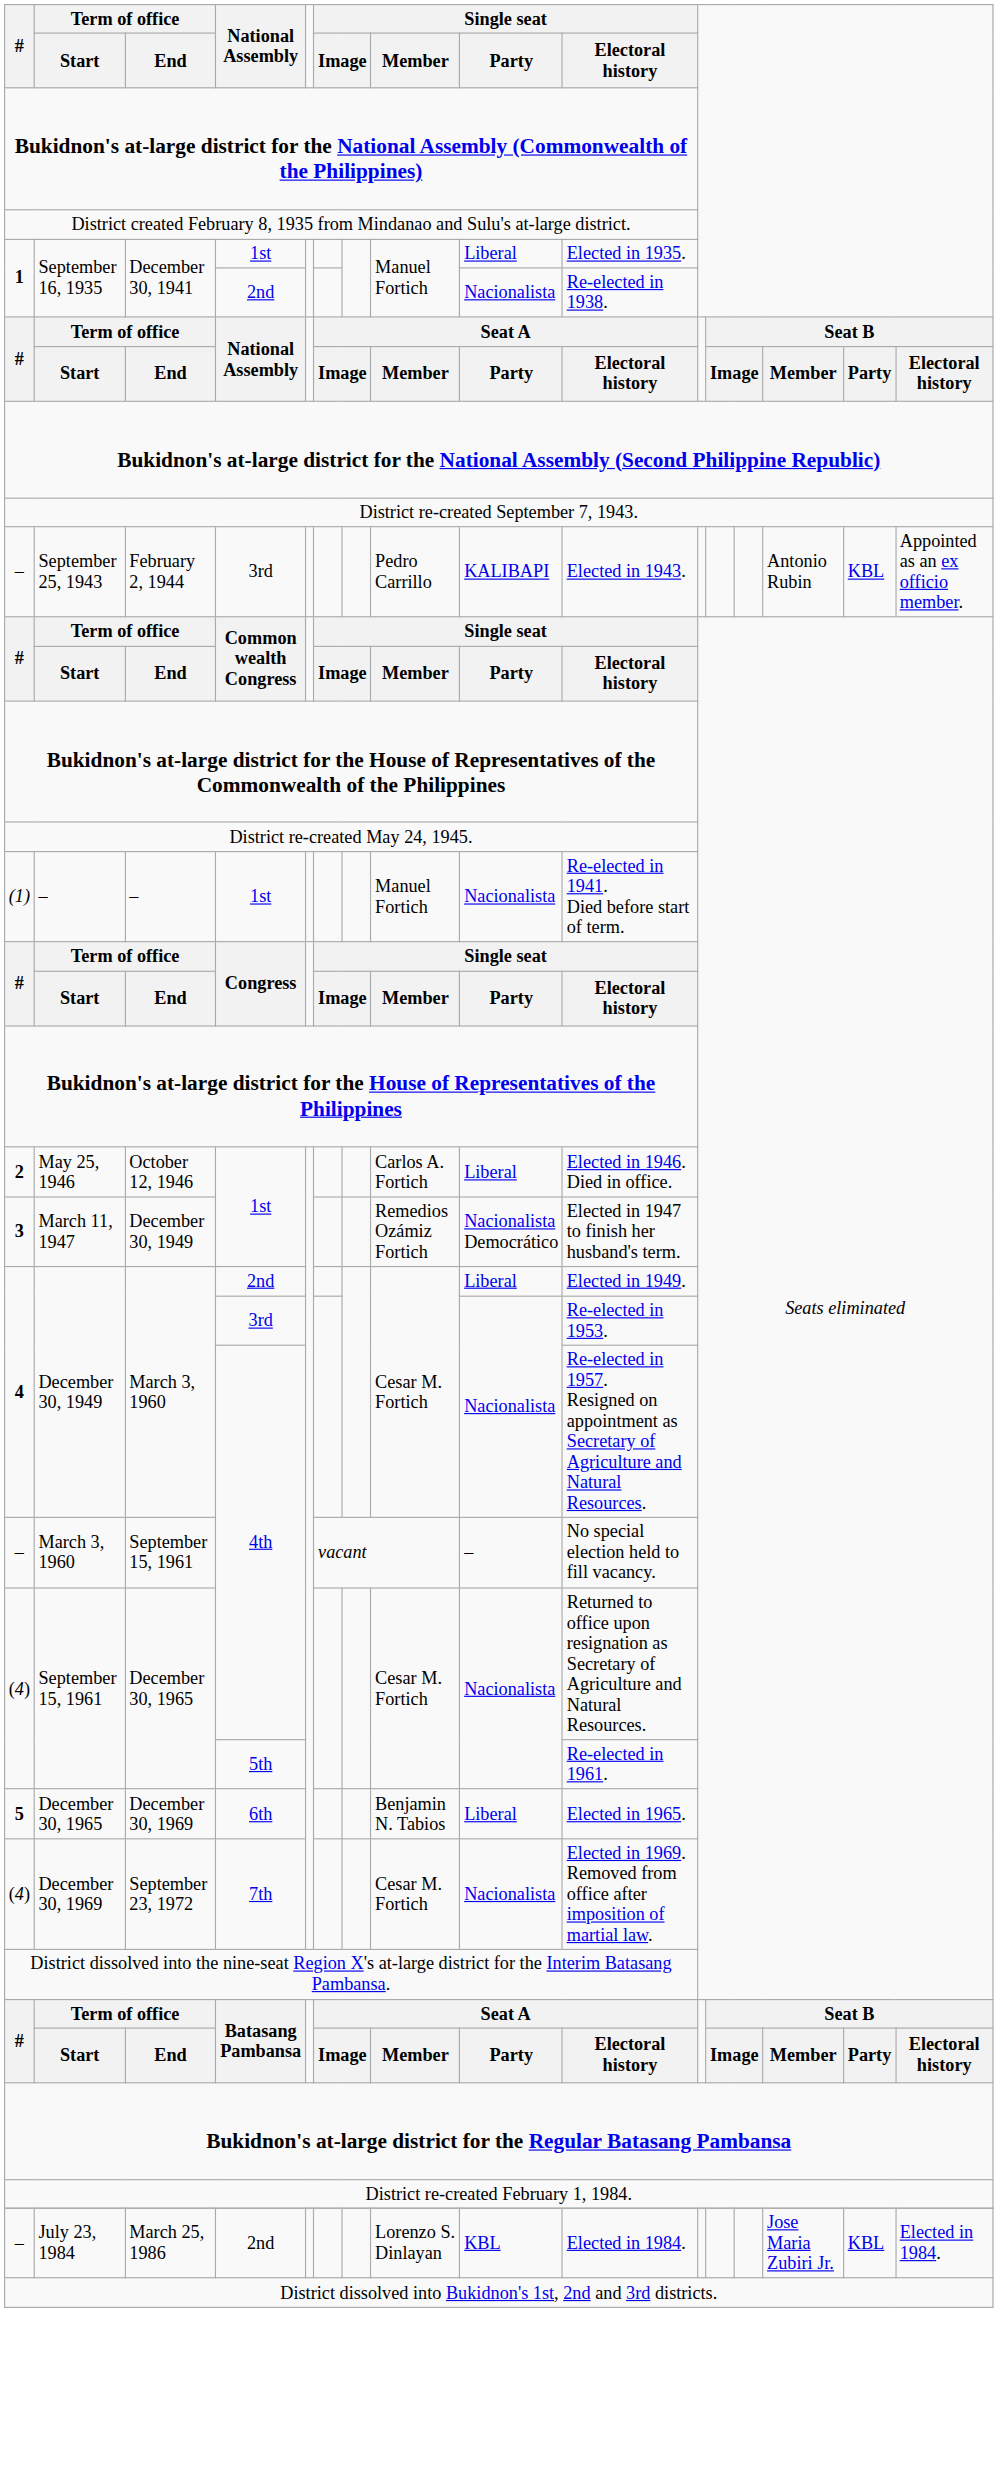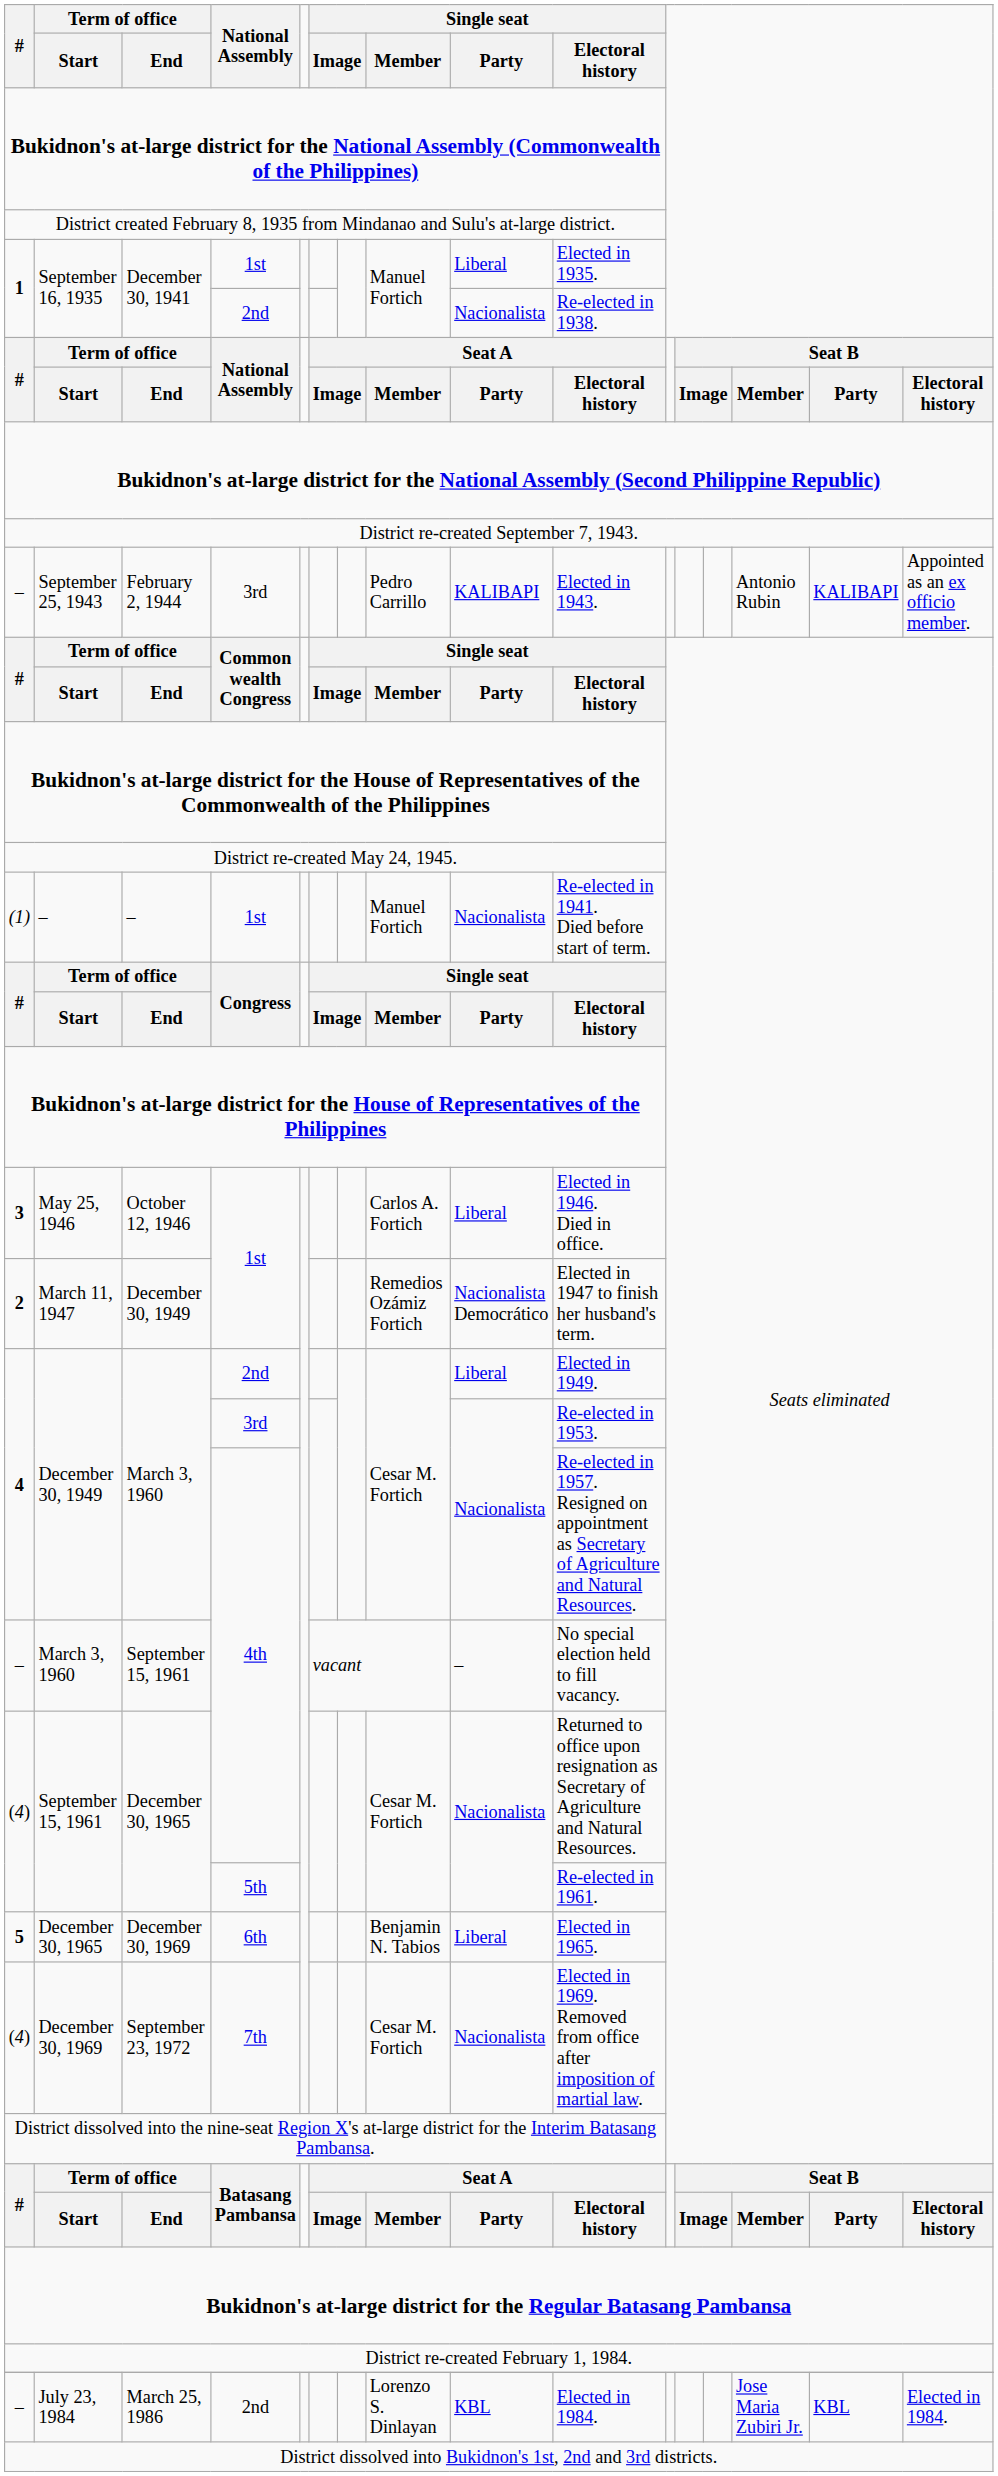 <table class=wikitable>
 <tr>
 <th rowspan=2>#</th>
 <th colspan=2>Term of office</th>
 <th rowspan=2>National<br>Assembly</th>
 <td rowspan=2></td>
 <th colspan=5>Single seat</th>
 </tr>
 <tr style="height:3em">
 <th>Start</th>
 <th>End</th>
 <th colspan="2" style="text-align:center;">Image</th>
 <th>Member</th>
 <th>Party</th>
 <th>Electoral history</th>
 </tr>
 <tr>
 <td colspan="10" style="text-align:center;"><br><h3>Bukidnon's at-large district for the <a href='#'>National Assembly (Commonwealth of the Philippines)</a></h3></td>
 </tr>
 <tr>
 <td colspan="10" style="text-align:center;">District created February 8, 1935 from Mindanao and Sulu's at-large district.</td>
 </tr>
 <tr>
 <td rowspan="2" style="text-align:center;"><strong>1</strong></td>
 <td rowspan="2">September 16, 1935</td>
 <td rowspan="2">December 30, 1941</td>
 <td style="text-align:center;"><a href='#'>1st</a></td>
 <td rowspan=2></td>
 <td style="color:inherit;background:"></td>
 <td rowspan="2"></td>
 <td rowspan="2">Manuel Fortich</td>
 <td><a href='#'>Liberal</a></td>
 <td><a href='#'>Elected in 1935</a>.</td>
 </tr>
 <tr>
 <td style="text-align:center;"><a href='#'>2nd</a></td>
 <td style="color:inherit;background:"></td>
 <td><a href='#'>Nacionalista</a></td>
 <td><a href='#'>Re-elected in 1938</a>.</td>
 </tr>
 <tr>
 <th rowspan=2>#</th>
 <th colspan=2>Term of office</th>
 <th rowspan=2>National<br>Assembly</th>
 <td rowspan=2></td>
 <th colspan=5>Seat A</th>
 <td rowspan=2></td>
 <th colspan=5>Seat B</th>
 </tr>
 <tr style="height:3em">
 <th>Start</th>
 <th>End</th>
 <th colspan="2" style="text-align:center;">Image</th>
 <th>Member</th>
 <th>Party</th>
 <th>Electoral history</th>
 <th colspan="2" style="text-align:center;">Image</th>
 <th>Member</th>
 <th>Party</th>
 <th>Electoral history</th>
 </tr>
 <tr>
 <td colspan="16" style="text-align:center;"><br><h3>Bukidnon's at-large district for the <a href='#'>National Assembly (Second Philippine Republic)</a></h3></td>
 </tr>
 <tr>
 <td colspan="16" style="text-align:center;">District re-created September 7, 1943.</td>
 </tr>
 <tr>
 <td style="text-align:center;">–</td>
 <td>September 25, 1943</td>
 <td>February 2, 1944</td>
 <td style="text-align:center;">3rd</td>
 <td></td>
 <td style="color:inherit;background:"></td>
 <td></td>
 <td>Pedro Carrillo</td>
 <td><a href='#'>KALIBAPI</a></td>
 <td><a href='#'>Elected in 1943</a>.</td>
 <td></td>
 <td style="color:inherit;background:"></td>
 <td></td>
 <td>Antonio Rubin</td>
-<td><a href='#'>KBL</a></td>
+<td><a href='#'>KALIBAPI</a></td>
 <td>Appointed as an <a href='#'>ex officio member</a>.</td>
 </tr>
 <tr>
 <th rowspan=2>#</th>
 <th colspan=2>Term of office</th>
 <th rowspan=2>Common<br>wealth<br>Congress</th>
 <td rowspan=2></td>
 <th colspan=5>Single seat</th>
 <td rowspan=19 colspan=6 style="text-align:center;"><em>Seats eliminated</em></td>
 </tr>
 <tr style="height:3em">
 <th>Start</th>
 <th>End</th>
 <th colspan="2" style="text-align:center;">Image</th>
 <th>Member</th>
 <th>Party</th>
 <th>Electoral history</th>
 </tr>
 <tr>
 <td colspan="10" style="text-align:center;"><br><h3>Bukidnon's at-large district for the House of Representatives of the Commonwealth of the Philippines</h3></td>
 </tr>
 <tr>
 <td colspan="10" style="text-align:center;">District re-created May 24, 1945.</td>
 </tr>
 <tr>
 <td style="text-align:center;"><em>(1)</em></td>
 <td>–</td>
 <td>–</td>
 <td style="text-align:center;"><a href='#'>1st</a></td>
 <td></td>
 <td style="color:inherit;background:"></td>
 <td></td>
 <td>Manuel Fortich</td>
 <td><a href='#'>Nacionalista</a></td>
 <td><a href='#'>Re-elected in 1941</a>.<br>Died before start of term.</td>
 </tr>
 <tr>
 <th rowspan=2>#</th>
 <th colspan=2>Term of office</th>
 <th rowspan=2>Congress</th>
 <td rowspan=2></td>
 <th colspan=5>Single seat</th>
 </tr>
 <tr style="height:3em">
 <th>Start</th>
 <th>End</th>
 <th colspan="2" style="text-align:center;">Image</th>
 <th>Member</th>
 <th>Party</th>
 <th>Electoral history</th>
 </tr>
 <tr>
 <td colspan="10" style="text-align:center;"><br><h3>Bukidnon's at-large district for the <a href='#'>House of Representatives of the Philippines</a></h3></td>
 </tr>
 <tr>
-<td style="text-align:center;"><strong>2</strong></td>
+<td style="text-align:center;"><strong>3</strong></td>
 <td>May 25, 1946</td>
 <td>October 12, 1946</td>
 <td rowspan="2" style="text-align:center;"><a href='#'>1st</a></td>
 <td rowspan=10></td>
 <td style="color:inherit;background:"></td>
 <td></td>
 <td>Carlos A. Fortich</td>
 <td><a href='#'>Liberal</a></td>
 <td><a href='#'>Elected in 1946</a>.<br>Died in office.</td>
 </tr>
 <tr>
-<td style="text-align:center;"><strong>3</strong></td>
+<td style="text-align:center;"><strong>2</strong></td>
 <td>March 11, 1947</td>
 <td>December 30, 1949</td>
 <td style="color:inherit;background:"></td>
 <td></td>
 <td>Remedios Ozámiz Fortich</td>
 <td><a href='#'>Nacionalista</a><br>Democrático</td>
 <td>Elected in 1947 to finish her husband's term.</td>
 </tr>
 <tr>
 <td rowspan="3" style="text-align:center;"><strong>4</strong></td>
 <td rowspan="3">December 30, 1949</td>
 <td rowspan="3">March 3, 1960</td>
 <td style="text-align:center;"><a href='#'>2nd</a></td>
 <td style="color:inherit;background:"></td>
 <td rowspan="3"></td>
 <td rowspan="3">Cesar M. Fortich</td>
 <td><a href='#'>Liberal</a></td>
 <td><a href='#'>Elected in 1949</a>.</td>
 </tr>
 <tr>
 <td style="text-align:center;"><a href='#'>3rd</a></td>
 <td rowspan="2" style="color:inherit;background:"></td>
 <td rowspan="2"><a href='#'>Nacionalista</a></td>
 <td><a href='#'>Re-elected in 1953</a>.</td>
 </tr>
 <tr>
 <td rowspan="3" style="text-align:center;"><a href='#'>4th</a></td>
 <td><a href='#'>Re-elected in 1957</a>.<br>Resigned on appointment as <a href='#'>Secretary of Agriculture and Natural Resources</a>.</td>
 </tr>
 <tr>
 <td style="text-align:center;">–</td>
 <td>March 3, 1960</td>
 <td>September 15, 1961</td>
 <td colspan="3"><em>vacant</em></td>
 <td>–</td>
 <td>No special election held to fill vacancy.</td>
 </tr>
 <tr>
 <td rowspan="2" style="text-align:center;">(<em>4</em>)</td>
 <td rowspan="2">September 15, 1961</td>
 <td rowspan="2">December 30, 1965</td>
 <td rowspan="2" style="color:inherit;background:"></td>
 <td rowspan="2"></td>
 <td rowspan="2">Cesar M. Fortich</td>
 <td rowspan="2"><a href='#'>Nacionalista</a></td>
 <td>Returned to office upon resignation as Secretary of Agriculture and Natural Resources.</td>
 </tr>
 <tr>
 <td style="text-align:center;"><a href='#'>5th</a></td>
 <td><a href='#'>Re-elected in 1961</a>.</td>
 </tr>
 <tr>
 <td style="text-align:center;"><strong>5</strong></td>
 <td>December 30, 1965</td>
 <td>December 30, 1969</td>
 <td style="text-align:center;"><a href='#'>6th</a></td>
 <td style="color:inherit;background:"></td>
 <td></td>
 <td>Benjamin N. Tabios</td>
 <td><a href='#'>Liberal</a></td>
 <td><a href='#'>Elected in 1965</a>.</td>
 </tr>
 <tr>
 <td style="text-align:center;">(<em>4</em>)</td>
 <td>December 30, 1969</td>
 <td>September 23, 1972</td>
 <td style="text-align:center;"><a href='#'>7th</a></td>
 <td style="color:inherit;background:"></td>
 <td></td>
 <td>Cesar M. Fortich</td>
 <td><a href='#'>Nacionalista</a></td>
 <td><a href='#'>Elected in 1969</a>.<br>Removed from office after <a href='#'>imposition of martial law</a>.</td>
 </tr>
 <tr>
 <td colspan="10" style="text-align:center;">District dissolved into the nine-seat <a href='#'>Region X</a>'s at-large district for the <a href='#'>Interim Batasang Pambansa</a>.</td>
 </tr>
 <tr>
 <th rowspan=2>#</th>
 <th colspan=2>Term of office</th>
 <th rowspan=2>Batasang<br>Pambansa</th>
 <td rowspan=2></td>
 <th colspan=5>Seat A</th>
 <td rowspan=2></td>
 <th colspan=5>Seat B</th>
 </tr>
 <tr style="height:3em">
 <th>Start</th>
 <th>End</th>
 <th colspan="2" style="text-align:center;">Image</th>
 <th>Member</th>
 <th>Party</th>
 <th>Electoral history</th>
 <th colspan="2" style="text-align:center;">Image</th>
 <th>Member</th>
 <th>Party</th>
 <th>Electoral history</th>
 </tr>
 <tr>
 <td colspan="16" style="text-align:center;"><br><h3>Bukidnon's at-large district for the <a href='#'>Regular Batasang Pambansa</a></h3></td>
 </tr>
 <tr>
 <td colspan="16" style="text-align:center;">District re-created February 1, 1984.</td>
 </tr>
 <tr>
 </tr>
 <tr style="height:3em">
 <td style="text-align:center;">–</td>
 <td>July 23, 1984</td>
 <td>March 25, 1986</td>
 <td style="text-align:center;">2nd</td>
 <td></td>
 <td style="color:inherit;background:"></td>
 <td></td>
 <td>Lorenzo S. Dinlayan</td>
 <td><a href='#'>KBL</a></td>
 <td><a href='#'>Elected in 1984</a>.</td>
 <td></td>
 <td style="color:inherit;background:"></td>
 <td></td>
 <td><a href='#'>Jose Maria Zubiri Jr.</a></td>
 <td><a href='#'>KBL</a></td>
 <td><a href='#'>Elected in 1984</a>.</td>
 </tr>
 <tr>
 <td colspan="16" style="text-align:center;">District dissolved into <a href='#'>Bukidnon's 1st</a>, <a href='#'>2nd</a> and <a href='#'>3rd</a> districts.</td>
 </tr>
 </table>
